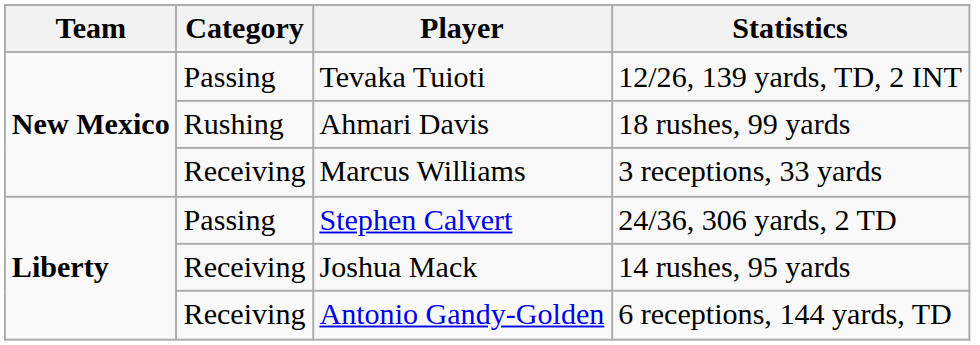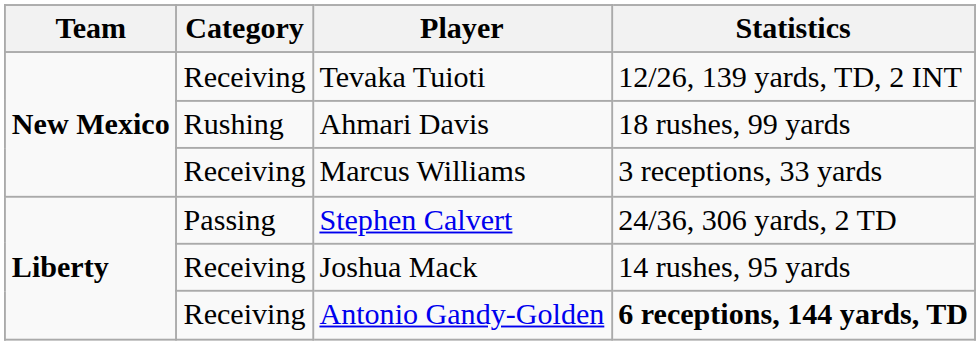 <table class="wikitable" style="float: left;">
 <tr>
 <th>Team</th>
 <th>Category</th>
 <th>Player</th>
 <th>Statistics</th>
 </tr>
 <tr>
 <td rowspan=3><strong>New Mexico</strong></td>
-<td>Passing</td>
+<td>Receiving</td>
 <td>Tevaka Tuioti</td>
 <td>12/26, 139 yards, TD, 2 INT</td>
 </tr>
 <tr>
 <td>Rushing</td>
 <td>Ahmari Davis</td>
 <td>18 rushes, 99 yards</td>
 </tr>
 <tr>
 <td>Receiving</td>
 <td>Marcus Williams</td>
 <td>3 receptions, 33 yards</td>
 </tr>
 <tr>
 <td rowspan=3><strong>Liberty</strong></td>
 <td>Passing</td>
 <td><a href='#'>Stephen Calvert</a></td>
 <td>24/36, 306 yards, 2 TD</td>
 </tr>
 <tr>
 <td>Receiving</td>
 <td>Joshua Mack</td>
 <td>14 rushes, 95 yards</td>
 </tr>
 <tr>
 <td>Receiving</td>
 <td><a href='#'>Antonio Gandy-Golden</a></td>
-<td>6 receptions, 144 yards, TD</td>
+<td><strong>6 receptions, 144 yards, TD</strong></td>
 </tr>
 </table>
